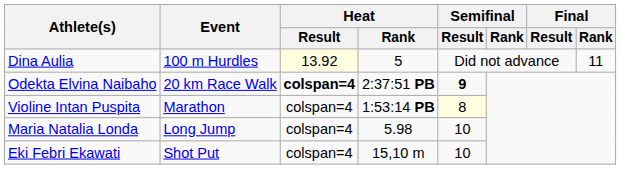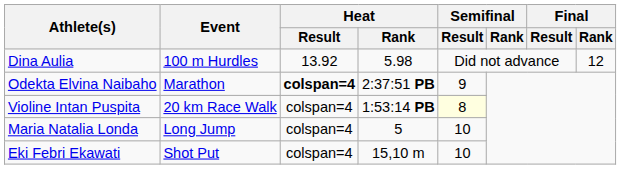 <table class="wikitable" style="font-size:90%">
 <tr>
 <th rowspan="2">Athlete(s)</th>
 <th rowspan="2">Event</th>
 <th colspan="2">Heat</th>
 <th colspan="2">Semifinal</th>
 <th colspan="2">Final</th>
 </tr>
 <tr style="font-size:95%">
 <th>Result</th>
 <th>Rank</th>
 <th>Result</th>
 <th>Rank</th>
 <th>Result</th>
 <th>Rank</th>
 </tr>
 <tr align=center>
 <td align=left><a href='#'>Dina Aulia</a></td>
 <td style="text-align:left;"><a href='#'>100 m Hurdles</a></td>
-<td style="background: lightyellow;">13.92</td>
-<td>5</td>
+<td>13.92</td>
+<td>5.98</td>
 <td colspan="3">Did not advance</td>
-<td>11</td>
+<td>12</td>
 </tr>
 <tr align=center>
 <td align=left><a href='#'>Odekta Elvina Naibaho</a></td>
-<td style="text-align:left;"><a href='#'>20 km Race Walk</a></td>
+<td style="text-align:left;"><a href='#'>Marathon</a></td>
 <td><strong>colspan=4 </strong></td>
 <td>2:37:51 <strong>PB</strong></td>
-<td><strong>9</strong></td>
+<td>9</td>
 </tr>
 <tr align=center>
 <td align=left><a href='#'>Violine Intan Puspita</a></td>
-<td style="text-align:left;"><a href='#'>Marathon</a></td>
+<td style="text-align:left;"><a href='#'>20 km Race Walk</a></td>
 <td>colspan=4 </td>
 <td>1:53:14 <strong>PB</strong></td>
 <td style="background: lightyellow;">8</td>
 </tr>
 <tr align=center>
 <td align=left><a href='#'>Maria Natalia Londa</a></td>
 <td style="text-align:left;"><a href='#'>Long Jump</a></td>
 <td>colspan=4 </td>
-<td>5.98</td>
+<td>5</td>
 <td>10</td>
 </tr>
 <tr align=center>
 <td align=left><a href='#'>Eki Febri Ekawati</a></td>
 <td style="text-align:left;"><a href='#'>Shot Put</a></td>
 <td>colspan=4 </td>
 <td>15,10 m</td>
 <td>10</td>
 </tr>
 </table>
